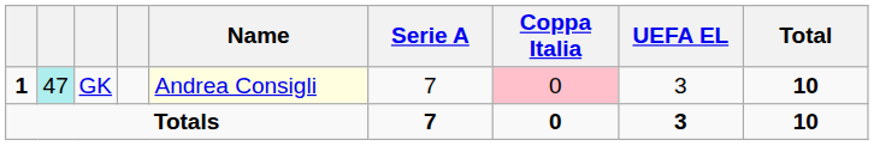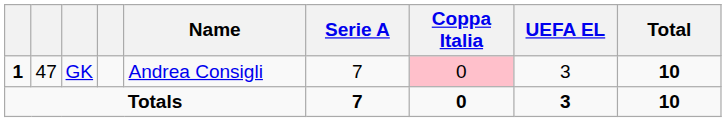 <table class="wikitable" style="text-align:center">
 <tr>
 <th width=15></th>
 <th width=15></th>
 <th width=15></th>
 <th width=15></th>
 <th width=145>Name</th>
 <th width=80><a href='#'>Serie A</a></th>
 <th width=80><a href='#'>Coppa Italia</a></th>
 <th width=80><a href='#'>UEFA EL</a></th>
 <th width=80>Total</th>
 </tr>
 <tr>
 <td><strong>1</strong></td>
-<td style="background: paleturquoise;">47</td>
+<td>47</td>
 <td><a href='#'>GK</a></td>
 <td></td>
-<td align=left style="background: lightyellow;"><a href='#'>Andrea Consigli</a></td>
+<td align=left><a href='#'>Andrea Consigli</a></td>
 <td>7</td>
 <td style="background: pink;">0</td>
 <td>3</td>
 <td><strong>10</strong></td>
 </tr>
 <tr>
 <td colspan=5><strong>Totals</strong></td>
 <td><strong>7</strong></td>
 <td><strong>0</strong></td>
 <td><strong>3</strong></td>
 <td><strong>10</strong></td>
 </tr>
 </table>
